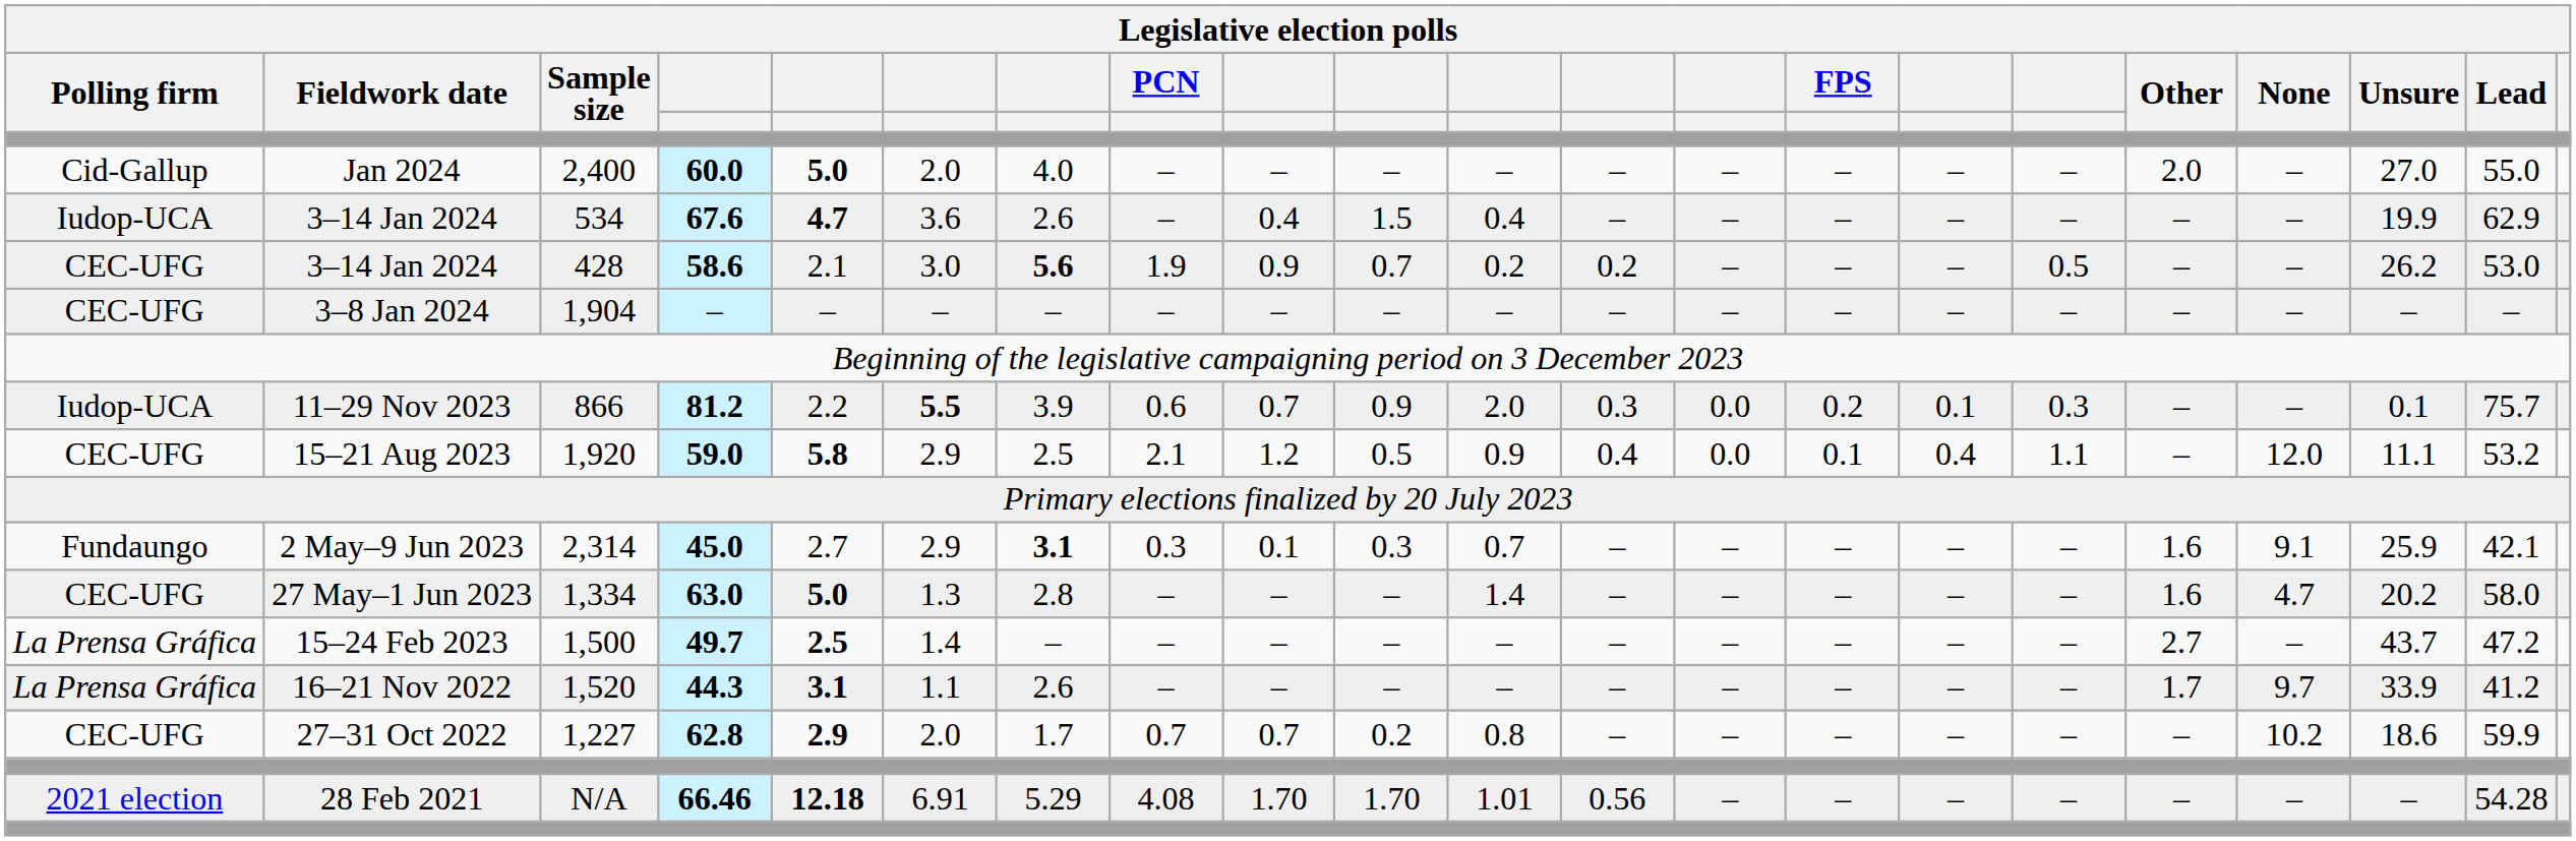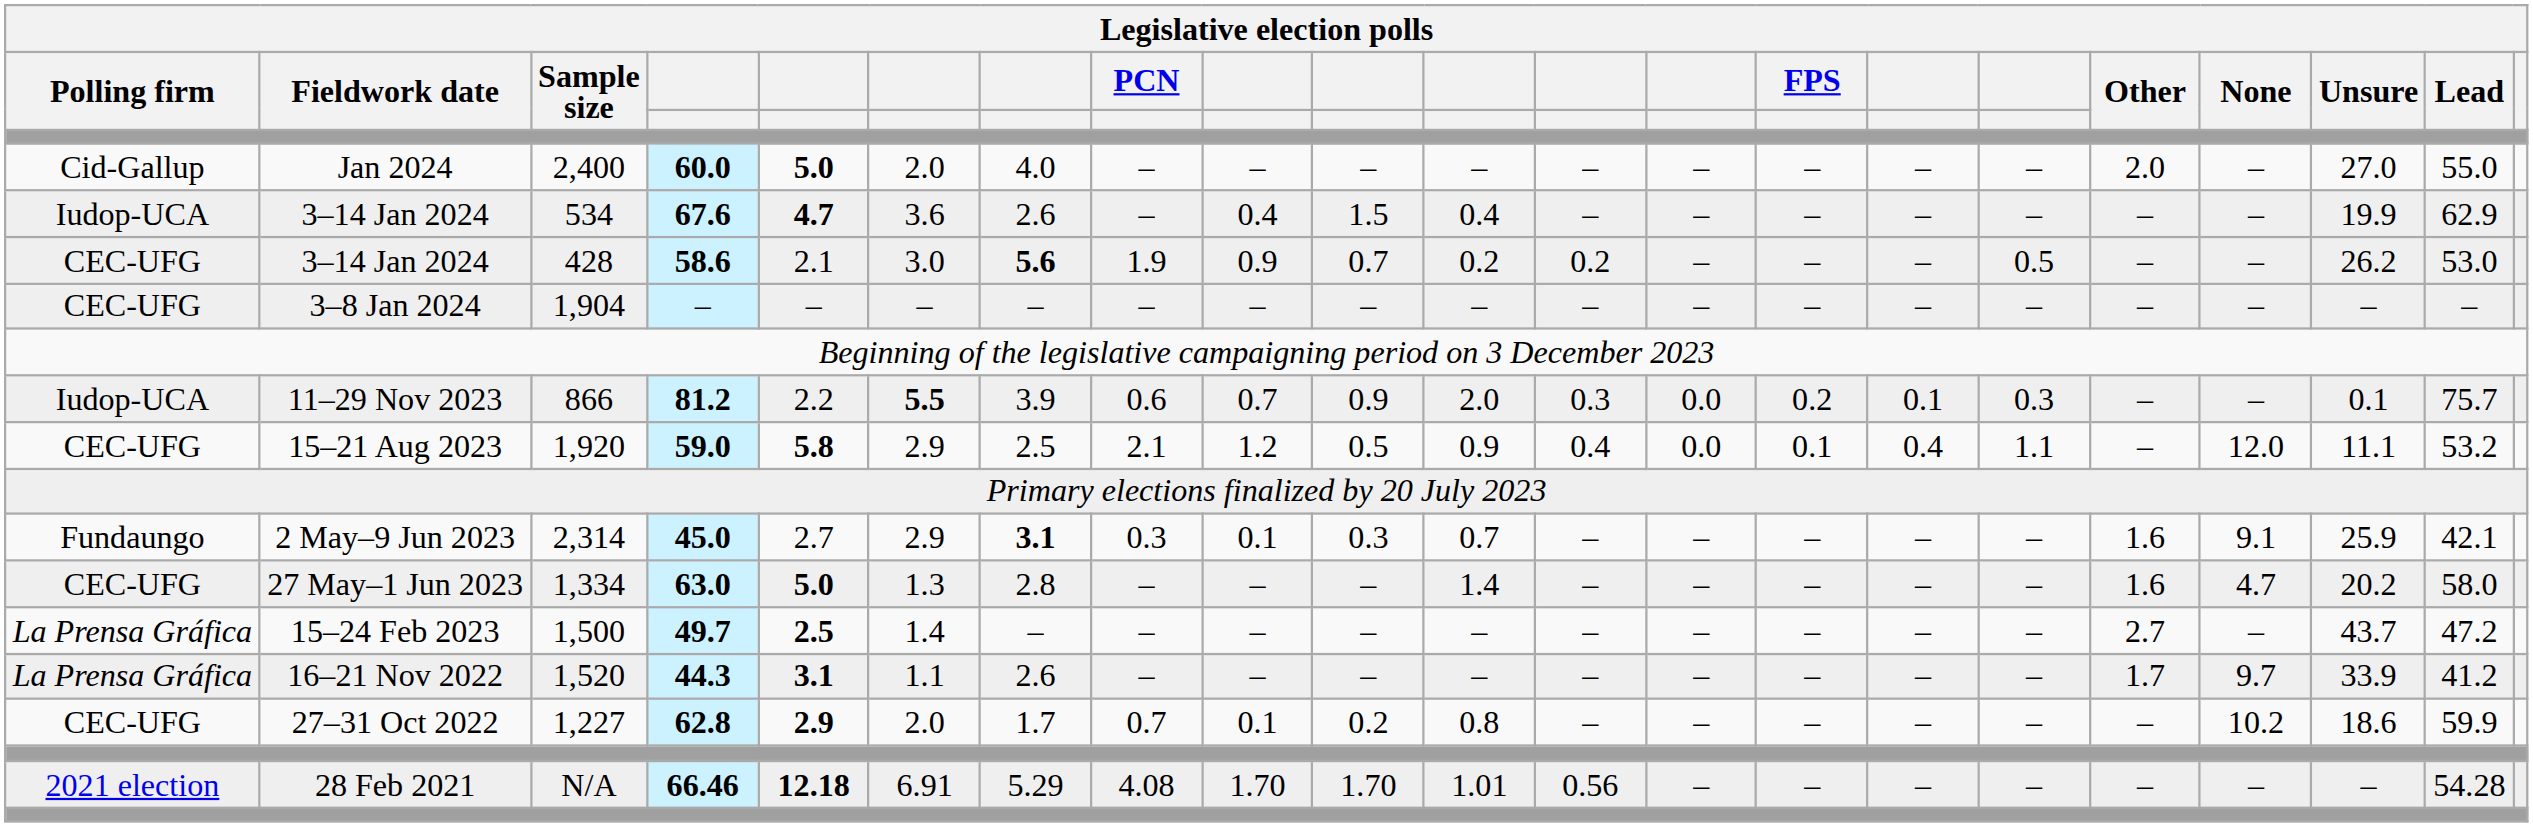 <table class="wikitable mw-collapsible" style="text-align:center;font-size:90%;line-height:14px;">
 <tr>
 <th colspan="21">Legislative election polls</th>
 </tr>
 <tr>
 <th rowspan="2">Polling firm</th>
 <th rowspan="2">Fieldwork date</th>
 <th rowspan="2">Sample<br>size</th>
 <th style="width:43px;"></th>
 <th style="width:43px;"></th>
 <th style="width:43px;"></th>
 <th style="width:43px;"></th>
 <th style="width:43px;"><a href='#'>PCN</a></th>
 <th style="width:43px;"></th>
 <th style="width:43px;"></th>
 <th style="width:43px;"></th>
 <th style="width:43px;"></th>
 <th style="width:43px;"></th>
 <th style="width:43px;"><a href='#'>FPS</a></th>
 <th style="width:43px;"></th>
 <th style="width:43px;"></th>
 <th style="width:43px;" rowspan="2">Other</th>
 <th style="width:43px;" rowspan="2">None</th>
 <th style="width:43px;" rowspan="2">Unsure</th>
 <th style="width:30px;" rowspan="2">Lead</th>
 <th rowspan="2"></th>
 </tr>
 <tr>
 <th style="color:inherit;background:"></th>
 <th style="color:inherit;background:"></th>
 <th style="color:inherit;background:"></th>
 <th style="color:inherit;background:"></th>
 <th style="background:"></th>
 <th style="color:inherit;background:"></th>
 <th style="color:inherit;background:"></th>
 <th style="color:inherit;background:"></th>
 <th style="color:inherit;background:"></th>
 <th style="color:inherit;background:"></th>
 <th style="color:inherit;background:"></th>
 <th style="color:inherit;background:"></th>
 <th style="color:inherit;background:"></th>
 </tr>
 <tr>
 <td colspan="21" style="background:#A0A0A0"></td>
 </tr>
 <tr>
 <td>Cid-Gallup</td>
 <td>Jan 2024</td>
 <td>2,400</td>
 <td style="background:#CCF1FF;"><strong>60.0</strong><br></td>
 <td><strong>5.0</strong><br></td>
 <td>2.0<br></td>
 <td>4.0<br></td>
 <td>–<br></td>
 <td>–<br></td>
 <td>–<br></td>
 <td>–<br></td>
 <td>–<br></td>
 <td>–<br></td>
 <td>–<br></td>
 <td>–<br></td>
 <td>–<br></td>
 <td>2.0<br></td>
 <td>–</td>
 <td>27.0</td>
 <td style="background:">55.0</td>
 <td></td>
 </tr>
 <tr style="background:#EFEFEF;">
 <td>Iudop-UCA</td>
 <td>3–14 Jan 2024</td>
 <td>534</td>
 <td style="background:#CCF1FF;"><strong>67.6</strong></td>
 <td><strong>4.7</strong></td>
 <td>3.6</td>
 <td>2.6</td>
 <td>–</td>
 <td>0.4</td>
 <td>1.5</td>
 <td>0.4</td>
 <td>–</td>
 <td>–</td>
 <td>–</td>
 <td>–</td>
 <td>–</td>
 <td>–</td>
 <td>–</td>
 <td>19.9</td>
 <td style="background:">62.9</td>
 <td></td>
 </tr>
 <tr style="background:#EFEFEF;">
 <td>CEC-UFG</td>
 <td>3–14 Jan 2024</td>
 <td>428</td>
 <td style="background:#CCF1FF;"><strong>58.6</strong></td>
 <td>2.1</td>
 <td>3.0</td>
 <td><strong>5.6</strong></td>
 <td>1.9</td>
 <td>0.9</td>
 <td>0.7</td>
 <td>0.2</td>
 <td>0.2</td>
 <td>–</td>
 <td>–</td>
 <td>–</td>
 <td>0.5</td>
 <td>–</td>
 <td>–</td>
 <td>26.2</td>
 <td style="background:">53.0</td>
 <td></td>
 </tr>
 <tr style="background:#EFEFEF;">
 <td>CEC-UFG</td>
 <td>3–8 Jan 2024</td>
 <td>1,904</td>
 <td style="background:#CCF1FF;">–<br></td>
 <td>–<br></td>
 <td>–<br></td>
 <td>–<br></td>
 <td>–<br></td>
 <td>–<br></td>
 <td>–<br></td>
 <td>–<br></td>
 <td>–<br></td>
 <td>–<br></td>
 <td>–<br></td>
 <td>–<br></td>
 <td>–<br></td>
 <td>–</td>
 <td>–</td>
 <td>–</td>
 <td style="background:">–</td>
 <td></td>
 </tr>
 <tr>
 <td colspan="21"><em>Beginning of the legislative campaigning period on 3 December 2023</em></td>
 </tr>
 <tr style="background:#EFEFEF;">
 <td>Iudop-UCA</td>
 <td>11–29 Nov 2023</td>
 <td>866</td>
 <td style="background:#CCF1FF;"><strong>81.2</strong></td>
 <td>2.2</td>
 <td><strong>5.5</strong></td>
 <td>3.9</td>
 <td>0.6</td>
 <td>0.7</td>
 <td>0.9</td>
 <td>2.0</td>
 <td>0.3</td>
 <td>0.0</td>
 <td>0.2</td>
 <td>0.1</td>
 <td>0.3</td>
 <td>–</td>
 <td>–</td>
 <td>0.1</td>
 <td style="background:">75.7</td>
 <td></td>
 </tr>
 <tr>
 <td>CEC-UFG</td>
 <td>15–21 Aug 2023</td>
 <td>1,920</td>
 <td style="background:#CCF1FF;"><strong>59.0</strong><br></td>
 <td><strong>5.8</strong><br></td>
 <td>2.9<br></td>
 <td>2.5<br></td>
 <td>2.1<br></td>
 <td>1.2<br></td>
 <td>0.5<br></td>
 <td>0.9<br></td>
 <td>0.4<br></td>
 <td>0.0<br></td>
 <td>0.1<br></td>
 <td>0.4<br></td>
 <td>1.1<br></td>
 <td>–</td>
 <td>12.0</td>
 <td>11.1</td>
 <td style="background:">53.2</td>
 <td></td>
 </tr>
 <tr>
 <td colspan="21" style="background:#EFEFEF;"><em>Primary elections finalized by 20 July 2023</em></td>
 </tr>
 <tr>
 <td>Fundaungo</td>
 <td>2 May–9 Jun 2023</td>
 <td>2,314</td>
 <td style="background:#CCF1FF;"><strong>45.0</strong></td>
 <td>2.7</td>
 <td>2.9</td>
 <td><strong>3.1</strong></td>
 <td>0.3</td>
 <td>0.1</td>
 <td>0.3</td>
 <td>0.7</td>
 <td>–</td>
 <td>–</td>
 <td>–</td>
 <td>–</td>
 <td>–</td>
 <td>1.6</td>
 <td>9.1</td>
 <td>25.9</td>
 <td style="background:">42.1</td>
 <td></td>
 </tr>
 <tr style="background:#EFEFEF;">
 <td>CEC-UFG</td>
 <td>27 May–1 Jun 2023</td>
 <td>1,334</td>
 <td style="background:#CCF1FF;"><strong>63.0</strong></td>
 <td><strong>5.0</strong></td>
 <td>1.3</td>
 <td>2.8</td>
 <td>–</td>
 <td>–</td>
 <td>–</td>
 <td>1.4</td>
 <td>–</td>
 <td>–</td>
 <td>–</td>
 <td>–</td>
 <td>–</td>
 <td>1.6</td>
 <td>4.7</td>
 <td>20.2</td>
 <td style="background:">58.0</td>
 <td></td>
 </tr>
 <tr>
 <td><em>La Prensa Gráfica</em></td>
 <td>15–24 Feb 2023</td>
 <td>1,500</td>
 <td style="background:#CCF1FF;"><strong>49.7</strong></td>
 <td><strong>2.5</strong></td>
 <td>1.4</td>
 <td>–</td>
 <td>–</td>
 <td>–</td>
 <td>–</td>
 <td>–</td>
 <td>–</td>
 <td>–</td>
 <td>–</td>
 <td>–</td>
 <td>–</td>
 <td>2.7</td>
 <td>–</td>
 <td>43.7</td>
 <td style="background:">47.2</td>
 <td></td>
 </tr>
 <tr style="background:#EFEFEF;">
 <td><em>La Prensa Gráfica</em></td>
 <td>16–21 Nov 2022</td>
 <td>1,520</td>
 <td style="background:#CCF1FF;"><strong>44.3</strong></td>
 <td><strong>3.1</strong></td>
 <td>1.1</td>
 <td>2.6</td>
 <td>–</td>
 <td>–</td>
 <td>–</td>
 <td>–</td>
 <td>–</td>
 <td>–</td>
 <td>–</td>
 <td>–</td>
 <td>–</td>
 <td>1.7</td>
 <td>9.7</td>
 <td>33.9</td>
 <td style="background:">41.2</td>
 <td></td>
 </tr>
 <tr>
 <td>CEC-UFG</td>
 <td>27–31 Oct 2022</td>
 <td>1,227</td>
 <td style="background:#CCF1FF;"><strong>62.8</strong></td>
 <td><strong>2.9</strong></td>
 <td>2.0</td>
 <td>1.7</td>
 <td>0.7</td>
-<td>0.7</td>
+<td>0.1</td>
 <td>0.2</td>
 <td>0.8</td>
 <td>–</td>
 <td>–</td>
 <td>–</td>
 <td>–</td>
 <td>–</td>
 <td>–</td>
 <td>10.2</td>
 <td>18.6</td>
 <td style="background:">59.9</td>
 <td></td>
 </tr>
 <tr>
 <td colspan="21" style="background:#A0A0A0"></td>
 </tr>
 <tr style="background:#EFEFEF;">
 <td><a href='#'>2021 election</a></td>
 <td>28 Feb 2021</td>
 <td>N/A</td>
 <td style="background:#CCF1FF;"><strong>66.46</strong><br></td>
 <td><strong>12.18</strong><br></td>
 <td>6.91<br></td>
 <td>5.29<br></td>
 <td>4.08<br></td>
 <td>1.70<br></td>
 <td>1.70<br></td>
 <td>1.01<br></td>
 <td>0.56<br></td>
 <td>–</td>
 <td>–</td>
 <td>–</td>
 <td>–</td>
 <td>–</td>
 <td>–</td>
 <td>–</td>
 <td style="background:">54.28</td>
 <td></td>
 </tr>
 <tr>
 <td colspan="21" style="background:#A0A0A0"></td>
 </tr>
 </table>
